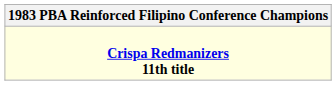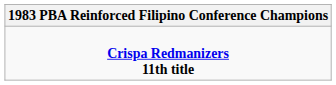 <table class=wikitable style="text-align:center; margin:auto">
 <tr>
 <th>1983 PBA Reinforced Filipino Conference Champions</th>
 </tr>
 <tr>
-<td style="background: lightyellow;"><br> <strong><a href='#'>Crispa Redmanizers</a></strong> <br> <strong>11th title</strong></td>
+<td><br> <strong><a href='#'>Crispa Redmanizers</a></strong> <br> <strong>11th title</strong></td>
 </tr>
 </table>
